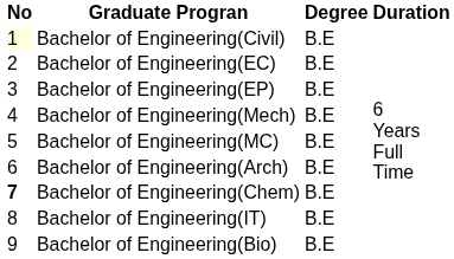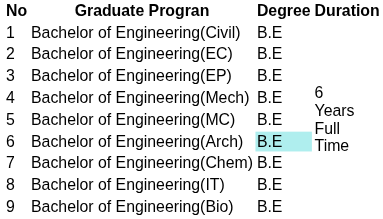 <table ->
 <tr>
 <th>No</th>
 <th>Graduate Progran</th>
 <th>Degree</th>
 <th class="Duration">Duration</th>
 </tr>
 <tr>
-<td style="background: lightyellow;">1</td>
+<td>1</td>
 <td>Bachelor of Engineering(Civil)</td>
 <td>B.E</td>
 <td rowspan="9">6<br>Years<br>Full<br>Time</td>
 </tr>
 <tr>
 <td>2</td>
 <td>Bachelor of Engineering(EC)</td>
 <td>B.E</td>
 </tr>
 <tr>
 <td>3</td>
 <td>Bachelor of Engineering(EP)</td>
 <td>B.E</td>
 </tr>
 <tr>
 <td>4</td>
 <td>Bachelor of Engineering(Mech)</td>
 <td>B.E</td>
 </tr>
 <tr>
 <td>5</td>
 <td>Bachelor of Engineering(MC)</td>
 <td>B.E</td>
 </tr>
 <tr>
 <td>6</td>
 <td>Bachelor of Engineering(Arch)</td>
-<td>B.E</td>
+<td style="background: paleturquoise;">B.E</td>
 </tr>
 <tr>
-<td><strong>7</strong></td>
+<td>7</td>
 <td>Bachelor of Engineering(Chem)</td>
 <td>B.E</td>
 </tr>
 <tr>
 <td>8</td>
 <td>Bachelor of Engineering(IT)</td>
 <td>B.E</td>
 </tr>
 <tr>
 <td>9</td>
 <td>Bachelor of Engineering(Bio)</td>
 <td>B.E</td>
 </tr>
 </table>
